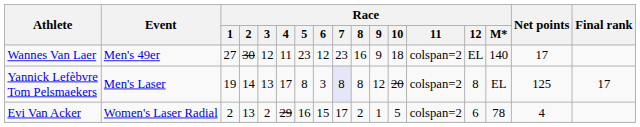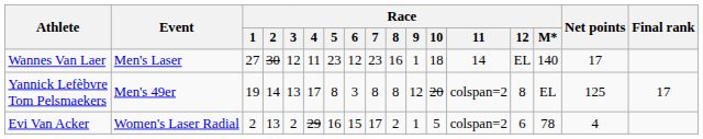 <table class="wikitable" style="font-size:90%">
 <tr>
 <th rowspan="2">Athlete</th>
 <th rowspan="2">Event</th>
 <th colspan=13>Race</th>
 <th rowspan=2>Net points</th>
 <th rowspan=2>Final rank</th>
 </tr>
 <tr style="font-size:95%">
 <th>1</th>
 <th>2</th>
 <th>3</th>
 <th>4</th>
 <th>5</th>
 <th>6</th>
 <th>7</th>
 <th>8</th>
 <th>9</th>
 <th>10</th>
 <th>11</th>
 <th>12</th>
 <th>M*</th>
 </tr>
 <tr align=center>
 <td align=left><a href='#'>Wannes Van Laer</a></td>
-<td align=left><a href='#'>Men's 49er</a></td>
+<td align=left><a href='#'>Men's Laser</a></td>
 <td>27</td>
 <td><s>30</s></td>
 <td>12</td>
 <td>11</td>
 <td>23</td>
 <td>12</td>
 <td>23</td>
 <td>16</td>
-<td>9</td>
+<td>1</td>
 <td>18</td>
-<td>colspan=2 </td>
+<td>14</td>
 <td>EL</td>
 <td>140</td>
 <td>17</td>
 </tr>
 <tr align=center>
 <td align=left><a href='#'>Yannick Lefèbvre</a><br><a href='#'>Tom Pelsmaekers</a></td>
-<td align=left><a href='#'>Men's Laser</a></td>
+<td align=left><a href='#'>Men's 49er</a></td>
 <td>19</td>
 <td>14</td>
 <td>13</td>
 <td>17</td>
 <td>8</td>
 <td>3</td>
-<td style="background: lavender;">8</td>
+<td>8</td>
 <td>8</td>
 <td>12</td>
 <td><s>20</s></td>
 <td>colspan=2 </td>
 <td>8</td>
 <td>EL</td>
 <td>125</td>
 <td>17</td>
 </tr>
 <tr align=center>
 <td align=left><a href='#'>Evi Van Acker</a></td>
 <td align=left><a href='#'>Women's Laser Radial</a></td>
 <td>2</td>
 <td>13</td>
 <td>2</td>
 <td><s>29</s></td>
 <td>16</td>
 <td>15</td>
 <td>17</td>
 <td>2</td>
 <td>1</td>
 <td>5</td>
 <td>colspan=2 </td>
 <td>6</td>
 <td>78</td>
 <td>4</td>
 </tr>
 </table>
